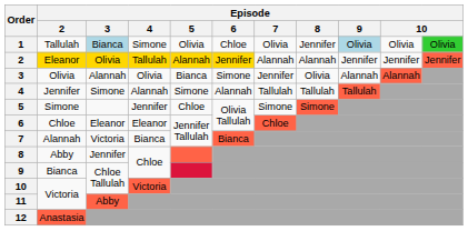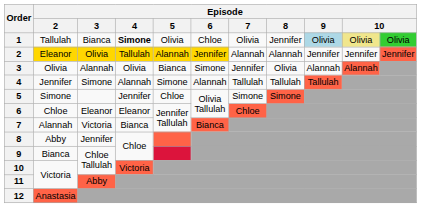 <table class="wikitable" style="text-align:center; font-size:92%">
 <tr>
 <th rowspan=2>Order</th>
 <th colspan=10>Episode</th>
 </tr>
 <tr>
 <th>2</th>
 <th>3</th>
 <th>4</th>
 <th>5</th>
 <th>6</th>
 <th>7</th>
 <th>8</th>
 <th>9</th>
 <th colspan=2>10</th>
 </tr>
 <tr>
 <th>1</th>
 <td>Tallulah</td>
-<td style="background: lightblue;">Bianca</td>
-<td>Simone</td>
+<td>Bianca</td>
+<td><strong>Simone</strong></td>
 <td>Olivia</td>
 <td>Chloe</td>
 <td>Olivia</td>
 <td>Jennifer</td>
 <td style="background: lightblue;">Olivia</td>
-<td>Olivia</td>
+<td style="background: khaki;">Olivia</td>
 <td bgcolor="limegreen">Olivia</td>
 </tr>
 <tr>
 <th>2</th>
 <td bgcolor="gold">Eleanor</td>
 <td bgcolor="gold">Olivia</td>
 <td bgcolor="gold">Tallulah</td>
 <td bgcolor="gold">Alannah</td>
 <td bgcolor="gold">Jennifer</td>
 <td>Alannah</td>
 <td>Alannah</td>
 <td>Jennifer</td>
 <td>Jennifer</td>
 <td bgcolor="tomato">Jennifer</td>
 </tr>
 <tr>
 <th>3</th>
 <td>Olivia</td>
 <td>Alannah</td>
 <td>Olivia</td>
 <td>Bianca</td>
 <td>Simone</td>
 <td>Jennifer</td>
 <td>Olivia</td>
 <td>Alannah</td>
 <td bgcolor="tomato">Alannah</td>
 <td bgcolor="darkgray"></td>
 </tr>
 <tr>
 <th>4</th>
 <td>Jennifer</td>
 <td>Simone</td>
 <td>Alannah</td>
 <td>Simone</td>
 <td>Alannah</td>
 <td>Tallulah</td>
 <td>Tallulah</td>
 <td bgcolor="tomato">Tallulah</td>
 <td colspan="2" bgcolor="darkgray"></td>
 </tr>
 <tr>
 <th>5</th>
 <td>Simone</td>
 <td></td>
 <td>Jennifer</td>
 <td>Chloe</td>
 <td rowspan=2>Olivia<br>Tallulah</td>
 <td>Simone</td>
 <td bgcolor="tomato">Simone</td>
 <td colspan="3" bgcolor="darkgray"></td>
 </tr>
 <tr>
 <th>6</th>
 <td>Chloe</td>
 <td>Eleanor</td>
 <td>Eleanor</td>
 <td rowspan=2>Jennifer<br>Tallulah</td>
 <td bgcolor="tomato">Chloe</td>
 <td colspan="4" bgcolor="darkgray"></td>
 </tr>
 <tr>
 <th>7</th>
 <td>Alannah</td>
 <td>Victoria</td>
 <td>Bianca</td>
 <td bgcolor="tomato">Bianca</td>
 <td colspan="5" bgcolor="darkgray"></td>
 </tr>
 <tr>
 <th>8</th>
 <td>Abby</td>
 <td>Jennifer</td>
 <td rowspan=2>Chloe<br> </td>
 <td bgcolor="tomato"></td>
 <td colspan="6" bgcolor="darkgray"></td>
 </tr>
 <tr>
 <th>9</th>
 <td>Bianca</td>
 <td rowspan=2>Chloe<br>Tallulah</td>
 <td bgcolor="crimson"></td>
 <td colspan="7" bgcolor="darkgray"></td>
 </tr>
 <tr>
 <th>10</th>
 <td rowspan=2>Victoria<br> </td>
 <td bgcolor="tomato">Victoria</td>
 <td colspan="8" bgcolor="darkgray"></td>
 </tr>
 <tr>
 <th>11</th>
 <td bgcolor="tomato">Abby</td>
 <td colspan="9" bgcolor="darkgray"></td>
 </tr>
 <tr>
 <th>12</th>
 <td bgcolor="tomato">Anastasia</td>
 <td colspan="10" bgcolor="darkgray"></td>
 </tr>
 </table>
